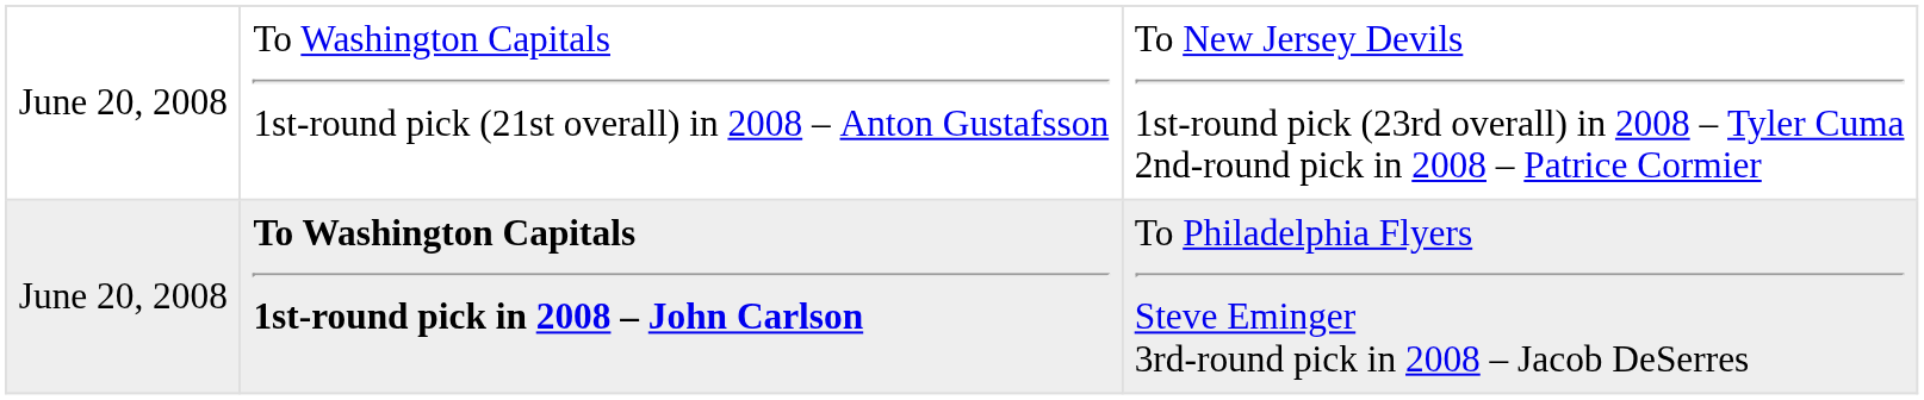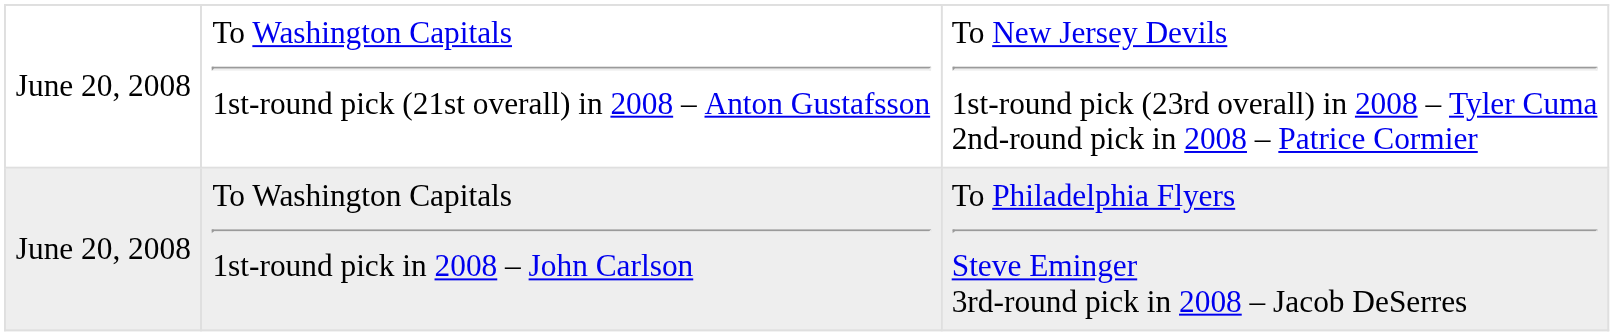 <table border=1 style="border-collapse:collapse" bordercolor="#DFDFDF"  cellpadding="5">
 <tr>
 <td>June 20, 2008</td>
 <td valign="top">To <a href='#'>Washington Capitals</a> <hr>1st-round pick (21st overall) in <a href='#'>2008</a> – <a href='#'>Anton Gustafsson</a></td>
 <td valign="top">To <a href='#'>New Jersey Devils</a> <hr>1st-round pick (23rd overall) in <a href='#'>2008</a> – <a href='#'>Tyler Cuma</a><br>2nd-round pick in <a href='#'>2008</a> – <a href='#'>Patrice Cormier</a></td>
 </tr>
 <tr bgcolor="#eeeeee">
 <td>June 20, 2008</td>
-<td valign="top"><strong>To Washington Capitals <hr> 1st-round pick in <a href='#'>2008</a> – <a href='#'>John Carlson</a></strong></td>
+<td valign="top">To Washington Capitals <hr> 1st-round pick in <a href='#'>2008</a> – <a href='#'>John Carlson</a></td>
 <td valign="top">To <a href='#'>Philadelphia Flyers</a> <hr> <a href='#'>Steve Eminger</a><br>3rd-round pick in <a href='#'>2008</a> – Jacob DeSerres</td>
 </tr>
 </table>
